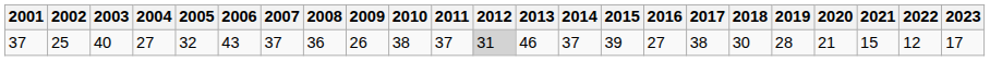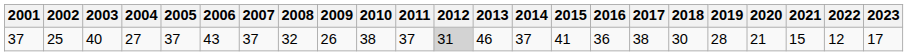 <table class="wikitable">
 <tr>
 <th>2001</th>
 <th>2002</th>
 <th>2003</th>
 <th>2004</th>
 <th>2005</th>
 <th>2006</th>
 <th>2007</th>
 <th>2008</th>
 <th>2009</th>
 <th>2010</th>
 <th>2011</th>
 <th>2012</th>
 <th>2013</th>
 <th>2014</th>
 <th>2015</th>
 <th>2016</th>
 <th>2017</th>
 <th>2018</th>
 <th>2019</th>
 <th>2020</th>
 <th>2021</th>
 <th>2022</th>
 <th>2023</th>
 </tr>
 <tr>
 <td>37</td>
 <td>25</td>
 <td>40</td>
 <td>27</td>
-<td>32</td>
+<td>37</td>
 <td>43</td>
 <td>37</td>
-<td>36</td>
+<td>32</td>
 <td>26</td>
 <td>38</td>
 <td>37</td>
 <td style="background: lightgrey;">31</td>
 <td>46</td>
 <td>37</td>
-<td>39</td>
-<td>27</td>
+<td>41</td>
+<td>36</td>
 <td>38</td>
 <td>30</td>
 <td>28</td>
 <td>21</td>
 <td>15</td>
 <td>12</td>
 <td>17</td>
 </tr>
 </table>
